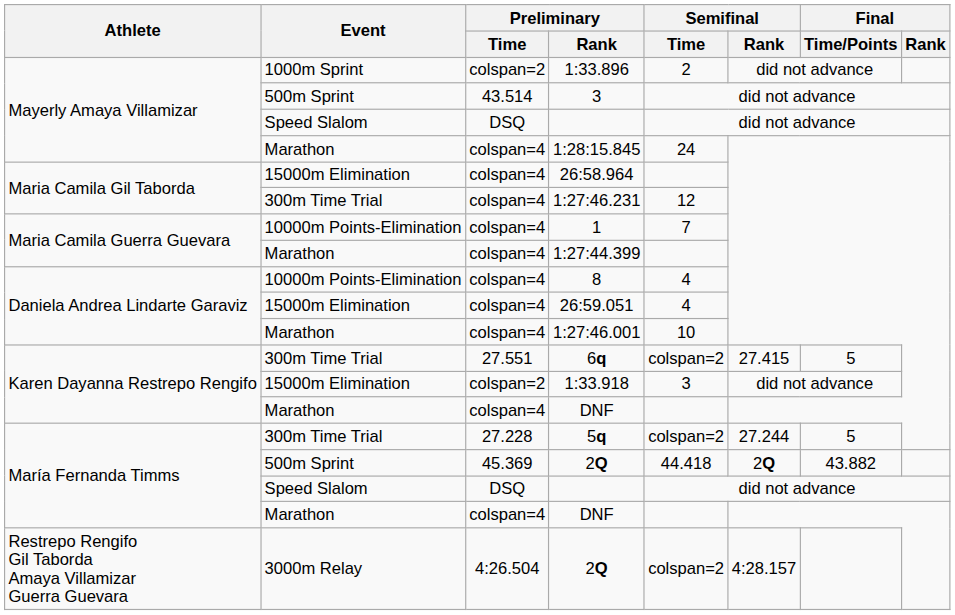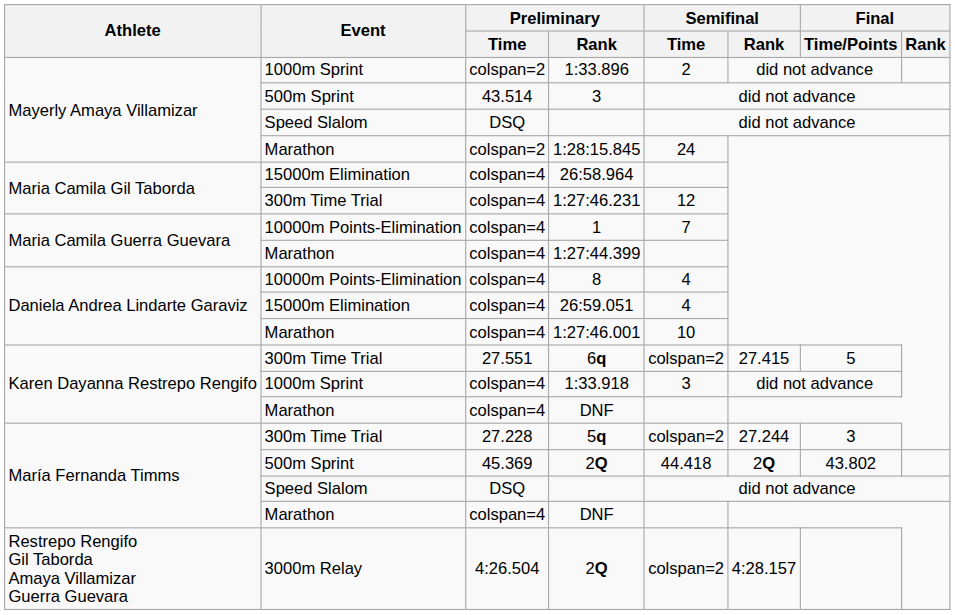 <table class="wikitable" border="1" style="font-size:90%">
 <tr>
 <th rowspan=2>Athlete</th>
 <th rowspan=2>Event</th>
 <th colspan=2>Preliminary</th>
 <th colspan=2>Semifinal</th>
 <th colspan=2>Final</th>
 </tr>
 <tr>
 <th>Time</th>
 <th>Rank</th>
 <th>Time</th>
 <th>Rank</th>
 <th>Time/Points</th>
 <th>Rank</th>
 </tr>
 <tr align=center>
 <td align=left rowspan=4>Mayerly Amaya Villamizar</td>
 <td align=left>1000m Sprint</td>
 <td>colspan=2 </td>
 <td>1:33.896</td>
 <td>2</td>
 <td colspan=2>did not advance</td>
 </tr>
 <tr align=center>
 <td align=left>500m Sprint</td>
 <td>43.514</td>
 <td>3</td>
 <td colspan=4>did not advance</td>
 </tr>
 <tr align=center>
 <td align=left>Speed Slalom</td>
 <td>DSQ</td>
 <td></td>
 <td colspan=4>did not advance</td>
 </tr>
 <tr align=center>
 <td align=left>Marathon</td>
-<td>colspan=4 </td>
+<td>colspan=2 </td>
 <td>1:28:15.845</td>
 <td>24</td>
 </tr>
 <tr align=center>
 <td align=left rowspan=2>Maria Camila Gil Taborda</td>
 <td align=left>15000m Elimination</td>
 <td>colspan=4 </td>
 <td>26:58.964</td>
 <td></td>
 </tr>
 <tr align=center>
 <td align=left>300m Time Trial</td>
 <td>colspan=4 </td>
 <td>1:27:46.231</td>
 <td>12</td>
 </tr>
 <tr align=center>
 <td align=left rowspan=2>Maria Camila Guerra Guevara</td>
 <td align=left>10000m Points-Elimination</td>
 <td>colspan=4 </td>
 <td>1</td>
 <td>7</td>
 </tr>
 <tr align=center>
 <td align=left>Marathon</td>
 <td>colspan=4 </td>
 <td>1:27:44.399</td>
 <td></td>
 </tr>
 <tr align=center>
 <td align=left rowspan=3>Daniela Andrea Lindarte Garaviz</td>
 <td align=left>10000m Points-Elimination</td>
 <td>colspan=4 </td>
 <td>8</td>
 <td>4</td>
 </tr>
 <tr align=center>
 <td align=left>15000m Elimination</td>
 <td>colspan=4 </td>
 <td>26:59.051</td>
 <td>4</td>
 </tr>
 <tr align=center>
 <td align=left>Marathon</td>
 <td>colspan=4 </td>
 <td>1:27:46.001</td>
 <td>10</td>
 </tr>
 <tr align=center>
 <td align=left rowspan=3>Karen Dayanna Restrepo Rengifo</td>
 <td align=left>300m Time Trial</td>
 <td>27.551</td>
 <td>6<strong>q</strong></td>
 <td>colspan=2 </td>
 <td>27.415</td>
 <td>5</td>
 </tr>
 <tr align=center>
-<td align=left>15000m Elimination</td>
-<td>colspan=2 </td>
+<td align=left>1000m Sprint</td>
+<td>colspan=4 </td>
 <td>1:33.918</td>
 <td>3</td>
 <td colspan=2>did not advance</td>
 </tr>
 <tr align=center>
 <td align=left>Marathon</td>
 <td>colspan=4 </td>
 <td>DNF</td>
 <td></td>
 </tr>
 <tr align=center>
 <td align=left rowspan=4>María Fernanda Timms</td>
 <td align=left>300m Time Trial</td>
 <td>27.228</td>
 <td>5<strong>q</strong></td>
 <td>colspan=2 </td>
 <td>27.244</td>
-<td>5</td>
+<td>3</td>
 </tr>
 <tr align=center>
 <td align=left>500m Sprint</td>
 <td>45.369</td>
 <td>2<strong>Q</strong></td>
 <td>44.418</td>
 <td>2<strong>Q</strong></td>
-<td>43.882</td>
+<td>43.802</td>
 <td></td>
 </tr>
 <tr align=center>
 <td align=left>Speed Slalom</td>
 <td>DSQ</td>
 <td></td>
 <td colspan=4>did not advance</td>
 </tr>
 <tr align=center>
 <td align=left>Marathon</td>
 <td>colspan=4 </td>
 <td>DNF</td>
 <td></td>
 </tr>
 <tr align=center>
 <td align=left>Restrepo Rengifo<br>Gil Taborda<br>Amaya Villamizar<br>Guerra Guevara</td>
 <td align=left>3000m Relay</td>
 <td>4:26.504</td>
 <td>2<strong>Q</strong></td>
 <td>colspan=2 </td>
 <td>4:28.157</td>
 <td></td>
 </tr>
 </table>
